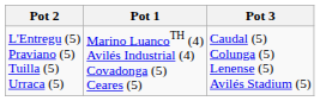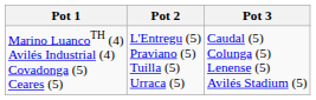 <table class=wikitable>
 <tr>
+<th>Pot 1</th>
 <th>Pot 2</th>
-<th>Pot 1</th>
 <th>Pot 3</th>
 </tr>
 <tr>
+<td><a href='#'>Marino Luanco</a><sup>TH</sup> (4)<br><a href='#'>Avilés Industrial</a> (4)<br><a href='#'>Covadonga</a> (5)<br><a href='#'>Ceares</a> (5)</td>
 <td><a href='#'>L'Entregu</a> (5)<br><a href='#'>Praviano</a> (5)<br><a href='#'>Tuilla</a> (5)<br><a href='#'>Urraca</a> (5)</td>
-<td><a href='#'>Marino Luanco</a><sup>TH</sup> (4)<br><a href='#'>Avilés Industrial</a> (4)<br><a href='#'>Covadonga</a> (5)<br><a href='#'>Ceares</a> (5)</td>
 <td><a href='#'>Caudal</a> (5)<br><a href='#'>Colunga</a> (5)<br><a href='#'>Lenense</a> (5)<br><a href='#'>Avilés Stadium</a> (5)</td>
 </tr>
 </table>
